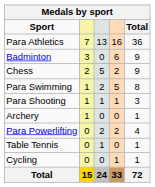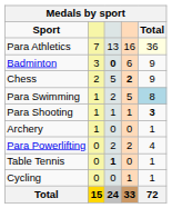 <table class="wikitable" style="text-align:center; font-size:85%; float:right">
 <tr style="background:#efefef;">
 <th colspan=5><strong>Medals by sport</strong></th>
 </tr>
 <tr>
 <td><strong>Sport</strong></td>
 <th style="background:#f7f6a8;"></th>
 <th style="background:#dce5e5;"></th>
 <th style="background:#ffdab9;"></th>
 <th><strong>Total</strong></th>
 </tr>
 <tr>
 <td align=left>Para Athletics</td>
 <td style="background:#f7f6a8;">7</td>
 <td style="background:#dce5e5;">13</td>
 <td style="background:#ffdab9;">16</td>
-<td>36</td>
+<td style="background: lightyellow;">36</td>
 </tr>
 <tr>
 <td align=left><a href='#'>Badminton</a></td>
 <td style="background:#f7f6a8;">3</td>
-<td style="background:#dce5e5;">0</td>
+<td style="background:#dce5e5;"><strong>0</strong></td>
 <td style="background:#ffdab9;">6</td>
 <td>9</td>
 </tr>
 <tr>
 <td align=left>Chess</td>
 <td style="background:#f7f6a8;">2</td>
 <td style="background:#dce5e5;">5</td>
-<td style="background:#ffdab9;">2</td>
+<td style="background:#ffdab9;"><strong>2</strong></td>
 <td>9</td>
 </tr>
 <tr>
 <td align=left>Para Swimming</td>
 <td style="background:#f7f6a8;">1</td>
 <td style="background:#dce5e5;">2</td>
 <td style="background:#ffdab9;">5</td>
-<td>8</td>
+<td style="background: lightblue;">8</td>
 </tr>
 <tr>
 <td align=left>Para Shooting</td>
 <td style="background:#f7f6a8;">1</td>
 <td style="background:#dce5e5;">1</td>
 <td style="background:#ffdab9;">1</td>
-<td>3</td>
+<td><strong>3</strong></td>
 </tr>
 <tr>
 <td align=left>Archery</td>
 <td style="background:#f7f6a8;">1</td>
 <td style="background:#dce5e5;">0</td>
 <td style="background:#ffdab9;">0</td>
 <td>1</td>
 </tr>
 <tr>
 <td align=left><a href='#'>Para Powerlifting</a></td>
 <td style="background:#f7f6a8;">0</td>
 <td style="background:#dce5e5;">2</td>
 <td style="background:#ffdab9;">2</td>
 <td>4</td>
 </tr>
 <tr>
 <td align=left>Table Tennis</td>
 <td style="background:#f7f6a8;">0</td>
-<td style="background:#dce5e5;">1</td>
+<td style="background:#dce5e5;"><strong>1</strong></td>
 <td style="background:#ffdab9;">0</td>
 <td>1</td>
 </tr>
 <tr>
 <td align=left>Cycling</td>
 <td style="background:#f7f6a8;">0</td>
 <td style="background:#dce5e5;">0</td>
 <td style="background:#ffdab9;">1</td>
 <td>1</td>
 </tr>
 <tr>
 <th><strong>Total</strong></th>
 <th style="background:gold;"><strong>15</strong></th>
 <th style="background:silver;"><strong>24</strong></th>
 <th style="background:#c96;"><strong>33</strong></th>
 <th><strong>72</strong></th>
 </tr>
 </table>
